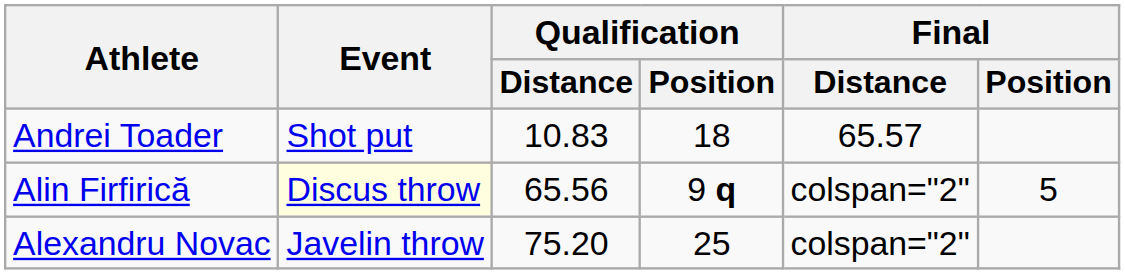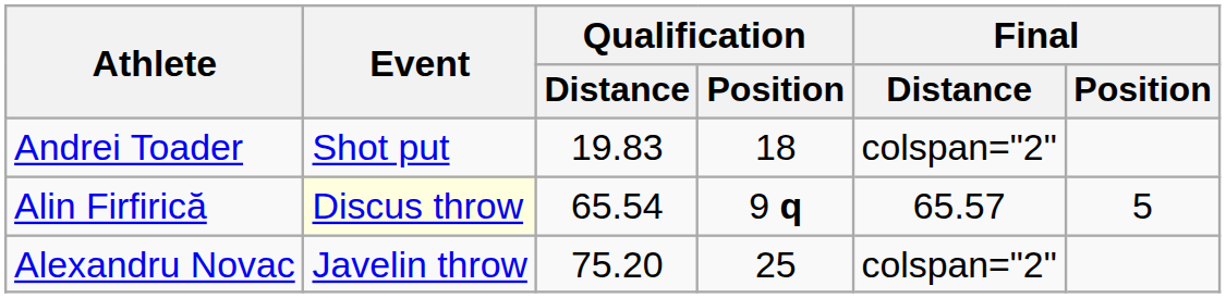 <table class="wikitable" style="font-size:90%">
 <tr>
 <th rowspan="2">Athlete</th>
 <th rowspan="2">Event</th>
 <th colspan="2">Qualification</th>
 <th colspan="2">Final</th>
 </tr>
 <tr style="font-size:95%">
 <th>Distance</th>
 <th>Position</th>
 <th>Distance</th>
 <th>Position</th>
 </tr>
 <tr align="center">
 <td align="left"><a href='#'>Andrei Toader</a></td>
 <td align="left"><a href='#'>Shot put</a></td>
-<td>10.83</td>
+<td>19.83</td>
 <td>18</td>
-<td>65.57 </td>
+<td>colspan="2" </td>
 </tr>
 <tr align="center">
 <td align="left"><a href='#'>Alin Firfirică</a></td>
 <td align="left" style="background: lightyellow;"><a href='#'>Discus throw</a></td>
-<td>65.56 </td>
+<td>65.54 </td>
 <td>9 <strong>q</strong></td>
-<td>colspan="2" </td>
+<td>65.57 </td>
 <td>5</td>
 </tr>
 <tr align="center">
 <td align="left"><a href='#'>Alexandru Novac</a></td>
 <td align="left"><a href='#'>Javelin throw</a></td>
 <td>75.20</td>
 <td>25</td>
 <td>colspan="2" </td>
 </tr>
 </table>
